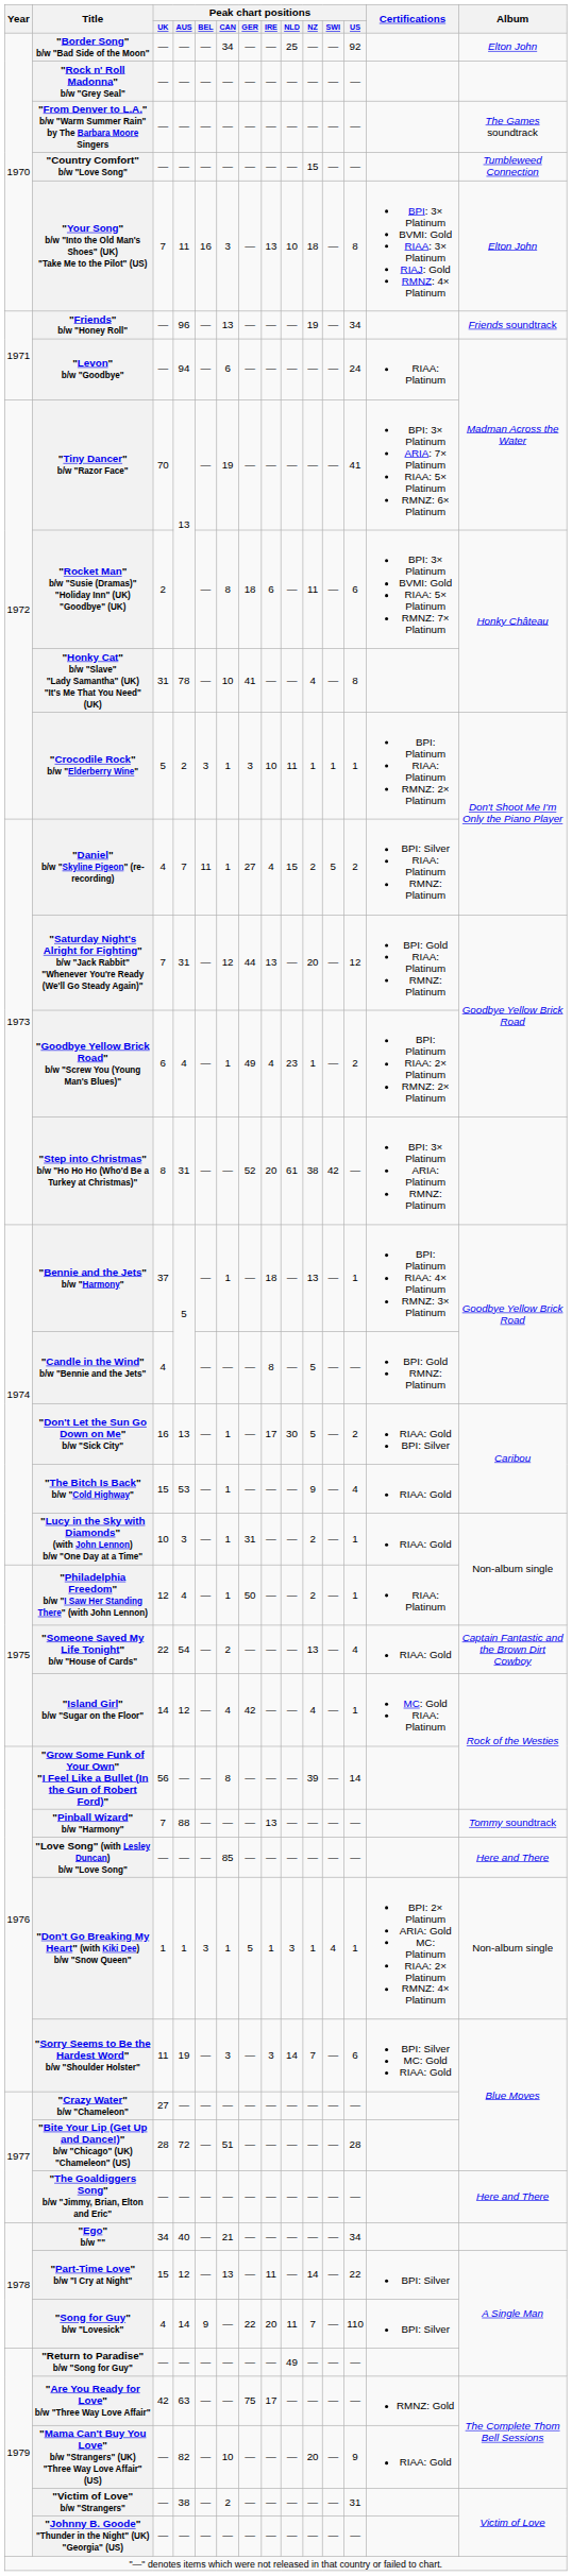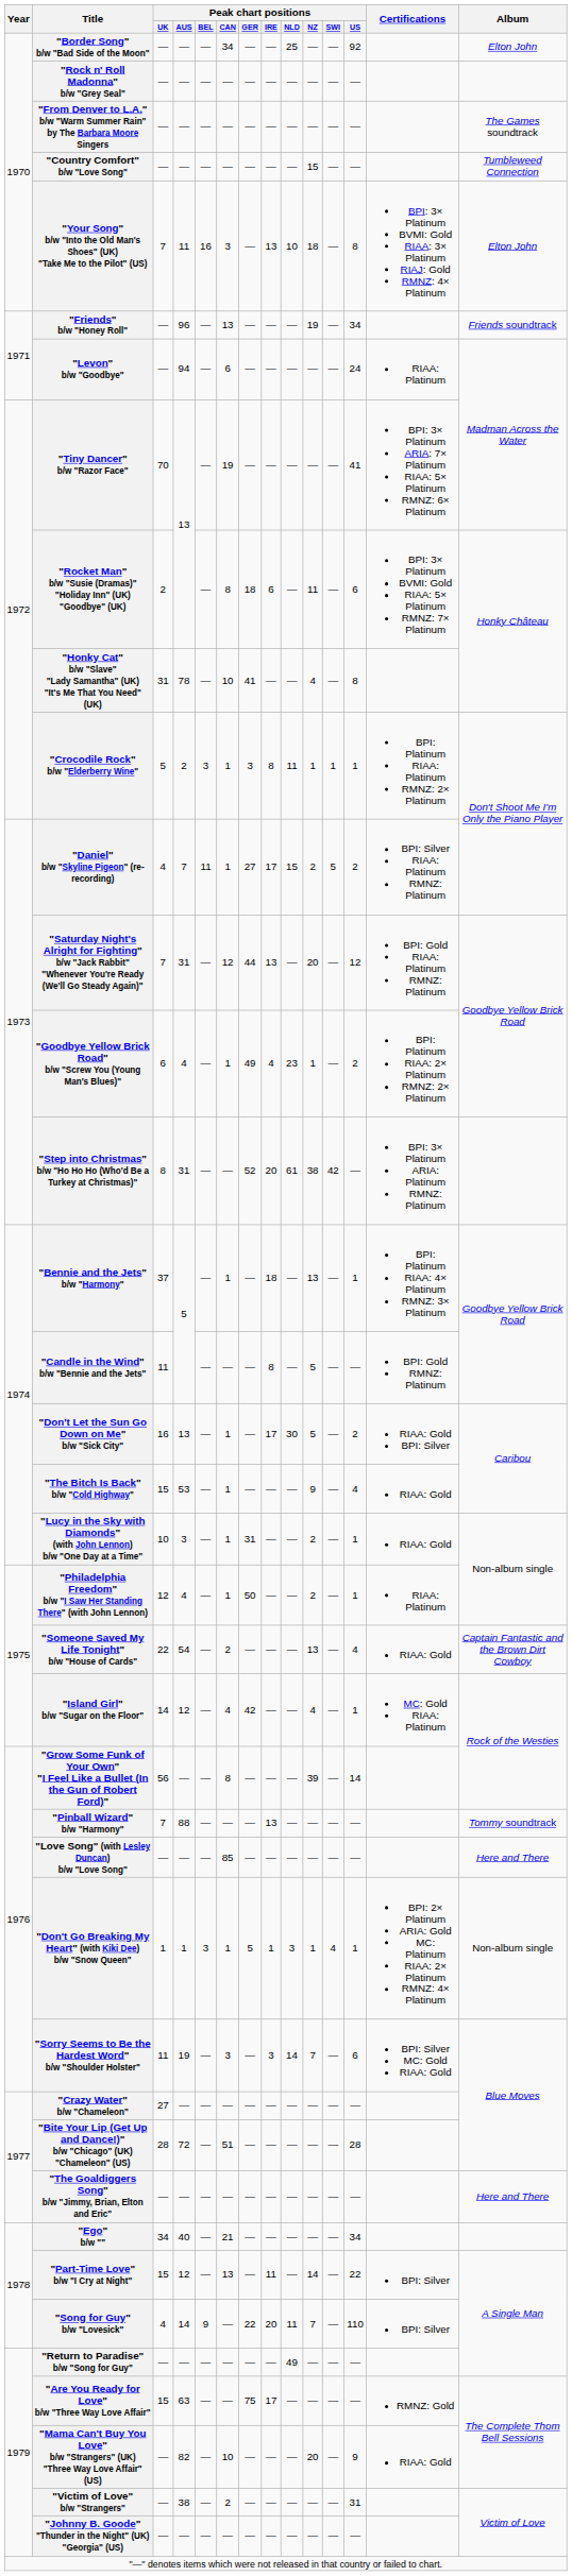 <table class="wikitable plainrowheaders" style="text-align:center;">
 <tr>
 <th scope="col" rowspan="2" style="width:1em;">Year</th>
 <th scope="col" rowspan="2" style="width:20em;">Title</th>
 <th scope="col" colspan="10">Peak chart positions</th>
 <th scope="col" rowspan="2" style="width:12em;"><a href='#'>Certifications</a></th>
 <th scope="col" rowspan="2" style="width:18em;">Album</th>
 </tr>
 <tr style="font-size:small;">
 <th scope="col" style="width:3em;font-size:90%"><a href='#'>UK</a><br></th>
 <th scope="col" style="width:3em;font-size:90%"><a href='#'>AUS</a><br></th>
 <th scope="col" style="width:3em;font-size:90%"><a href='#'>BEL</a><br></th>
 <th scope="col" style="width:3em;font-size:90%"><a href='#'>CAN</a><br></th>
 <th scope="col" style="width:3em;font-size:90%"><a href='#'>GER</a><br></th>
 <th scope="col" style="width:3em;font-size:90%"><a href='#'>IRE</a><br></th>
 <th scope="col" style="width:3em;font-size:90%"><a href='#'>NLD</a><br></th>
 <th scope="col" style="width:3em;font-size:90%"><a href='#'>NZ</a><br></th>
 <th scope="col" style="width:3em;font-size:90%"><a href='#'>SWI</a><br></th>
 <th scope="col" style="width:3em;font-size:90%"><a href='#'>US</a><br></th>
 </tr>
 <tr>
 <td rowspan="5">1970</td>
 <th scope="row">"<a href='#'>Border Song</a>"<br><small>b/w "Bad Side of the Moon"</small></th>
 <td>—</td>
 <td>—</td>
 <td>—</td>
 <td>34</td>
 <td>—</td>
 <td>—</td>
 <td>25</td>
 <td>—</td>
 <td>—</td>
 <td>92</td>
 <td></td>
 <td><em><a href='#'>Elton John</a></em></td>
 </tr>
 <tr>
 <th scope="row">"<a href='#'>Rock n' Roll Madonna</a>"<br><small>b/w "Grey Seal"</small></th>
 <td>—</td>
 <td>—</td>
 <td>—</td>
 <td>—</td>
 <td>—</td>
 <td>—</td>
 <td>—</td>
 <td>—</td>
 <td>—</td>
 <td>—</td>
 <td></td>
 <td></td>
 </tr>
 <tr>
 <th scope="row">"<a href='#'>From Denver to L.A.</a>"<br><small>b/w "Warm Summer Rain" by The <a href='#'>Barbara Moore</a> Singers</small></th>
 <td>—</td>
 <td>—</td>
 <td>—</td>
 <td>—</td>
 <td>—</td>
 <td>—</td>
 <td>—</td>
 <td>—</td>
 <td>—</td>
 <td>—</td>
 <td></td>
 <td><em><a href='#'>The Games</a></em> soundtrack</td>
 </tr>
 <tr>
 <th scope="row">"Country Comfort"<br><small>b/w "Love Song"</small></th>
 <td>—</td>
 <td>—</td>
 <td>—</td>
 <td>—</td>
 <td>—</td>
 <td>—</td>
 <td>—</td>
 <td>15</td>
 <td>—</td>
 <td>—</td>
 <td></td>
 <td><em><a href='#'>Tumbleweed Connection</a></em></td>
 </tr>
 <tr>
 <th scope="row">"<a href='#'>Your Song</a>"<br><small>b/w "Into the Old Man's Shoes" (UK)<br>"Take Me to the Pilot" (US)</small></th>
 <td>7</td>
 <td>11</td>
 <td>16</td>
 <td>3</td>
 <td>—</td>
 <td>13</td>
 <td>10</td>
 <td>18</td>
 <td>—</td>
 <td>8</td>
 <td><br><ul><li><a href='#'>BPI</a>: 3× Platinum</li><li>BVMI: Gold</li><li><a href='#'>RIAA</a>: 3× Platinum</li><li><a href='#'>RIAJ</a>: Gold</li><li><a href='#'>RMNZ</a>: 4× Platinum</li></ul></td>
 <td><em><a href='#'>Elton John</a></em></td>
 </tr>
 <tr>
 <td rowspan="2">1971</td>
 <th scope="row">"<a href='#'>Friends</a>"<br><small>b/w "Honey Roll"</small></th>
 <td>—</td>
 <td>96</td>
 <td>—</td>
 <td>13</td>
 <td>—</td>
 <td>—</td>
 <td>—</td>
 <td>19</td>
 <td>—</td>
 <td>34</td>
 <td></td>
 <td><a href='#'><em>Friends</em> soundtrack</a></td>
 </tr>
 <tr>
 <th scope="row">"<a href='#'>Levon</a>"<br><small>b/w "Goodbye"</small></th>
 <td>—</td>
 <td>94</td>
 <td>—</td>
 <td>6</td>
 <td>—</td>
 <td>—</td>
 <td>—</td>
 <td>—</td>
 <td>—</td>
 <td>24</td>
 <td><br><ul><li>RIAA: Platinum </li></ul></td>
 <td rowspan="2"><em><a href='#'>Madman Across the Water</a></em></td>
 </tr>
 <tr>
 <td rowspan="4">1972</td>
 <th scope="row">"<a href='#'>Tiny Dancer</a>"<br><small>b/w "Razor Face"</small></th>
 <td>70<br></td>
 <td rowspan="2">13<br></td>
 <td>—</td>
 <td>19</td>
 <td>—</td>
 <td>—</td>
 <td>—</td>
 <td>—</td>
 <td>—</td>
 <td>41</td>
 <td><br><ul><li>BPI: 3× Platinum</li><li><a href='#'>ARIA</a>: 7× Platinum</li><li>RIAA: 5× Platinum</li><li>RMNZ: 6× Platinum</li></ul></td>
 </tr>
 <tr>
 <th scope="row">"<a href='#'>Rocket Man</a>"<br><small>b/w "Susie (Dramas)"<br>"Holiday Inn" (UK)<br>"Goodbye" (UK)</small></th>
 <td>2</td>
 <td>—</td>
 <td>8</td>
 <td>18</td>
 <td>6</td>
 <td>—</td>
 <td>11</td>
 <td>—</td>
 <td>6</td>
 <td><br><ul><li>BPI: 3× Platinum</li><li>BVMI: Gold</li><li>RIAA: 5× Platinum</li><li>RMNZ: 7× Platinum</li></ul></td>
 <td rowspan="2"><em><a href='#'>Honky Château</a></em></td>
 </tr>
 <tr>
 <th scope="row">"<a href='#'>Honky Cat</a>"<br><small>b/w "Slave"<br>"Lady Samantha" (UK)<br>"It's Me That You Need" (UK)</small></th>
 <td>31</td>
 <td>78</td>
 <td>—</td>
 <td>10</td>
 <td>41</td>
 <td>—</td>
 <td>—</td>
 <td>4</td>
 <td>—</td>
 <td>8</td>
 <td></td>
 </tr>
 <tr>
 <th scope="row">"<a href='#'>Crocodile Rock</a>"<br><small>b/w "<a href='#'>Elderberry Wine</a>"</small></th>
 <td>5</td>
 <td>2</td>
 <td>3</td>
 <td>1</td>
 <td>3</td>
-<td>10</td>
+<td>8</td>
 <td>11</td>
 <td>1</td>
 <td>1</td>
 <td>1</td>
 <td><br><ul><li>BPI: Platinum</li><li>RIAA: Platinum</li><li>RMNZ: 2× Platinum</li></ul></td>
 <td rowspan="2"><em><a href='#'>Don't Shoot Me I'm Only the Piano Player</a></em></td>
 </tr>
 <tr>
 <td rowspan="4">1973</td>
 <th scope="row">"<a href='#'>Daniel</a>"<br><small>b/w "<a href='#'>Skyline Pigeon</a>" (re-recording)</small></th>
 <td>4</td>
 <td>7</td>
 <td>11</td>
 <td>1</td>
 <td>27</td>
-<td>4</td>
+<td>17</td>
 <td>15</td>
 <td>2</td>
 <td>5</td>
 <td>2</td>
 <td><br><ul><li>BPI: Silver</li><li>RIAA: Platinum</li><li>RMNZ: Platinum</li></ul></td>
 </tr>
 <tr>
 <th scope="row">"<a href='#'>Saturday Night's Alright for Fighting</a>"<br><small>b/w "Jack Rabbit"<br>"Whenever You're Ready (We'll Go Steady Again)"</small></th>
 <td>7</td>
 <td>31</td>
 <td>—</td>
 <td>12</td>
 <td>44</td>
 <td>13</td>
 <td>—</td>
 <td>20</td>
 <td>—</td>
 <td>12</td>
 <td><br><ul><li>BPI: Gold</li><li>RIAA: Platinum </li><li>RMNZ: Platinum</li></ul></td>
 <td rowspan="2"><em><a href='#'>Goodbye Yellow Brick Road</a></em></td>
 </tr>
 <tr>
 <th scope="row">"<a href='#'>Goodbye Yellow Brick Road</a>"<br><small>b/w "Screw You (Young Man's Blues)"</small></th>
 <td>6</td>
 <td>4</td>
 <td>—</td>
 <td>1</td>
 <td>49</td>
 <td>4</td>
 <td>23</td>
 <td>1</td>
 <td>—</td>
 <td>2</td>
 <td><br><ul><li>BPI: Platinum</li><li>RIAA: 2× Platinum</li><li>RMNZ: 2× Platinum</li></ul></td>
 </tr>
 <tr>
 <th scope="row">"<a href='#'>Step into Christmas</a>"<br><small>b/w "Ho Ho Ho (Who'd Be a Turkey at Christmas)"</small></th>
 <td>8</td>
 <td>31<br></td>
 <td>—</td>
 <td>—</td>
 <td>52</td>
 <td>20</td>
 <td>61</td>
 <td>38</td>
 <td>42</td>
 <td>—</td>
 <td><br><ul><li>BPI: 3× Platinum</li><li>ARIA: Platinum</li><li>RMNZ: Platinum</li></ul></td>
 <td></td>
 </tr>
 <tr>
 <td rowspan="5">1974</td>
 <th scope="row">"<a href='#'>Bennie and the Jets</a>"<br><small>b/w "<a href='#'>Harmony</a>"</small></th>
 <td>37</td>
 <td rowspan="2">5<br></td>
 <td>—</td>
 <td>1</td>
 <td>—</td>
 <td>18</td>
 <td>—</td>
 <td>13</td>
 <td>—</td>
 <td>1</td>
 <td><br><ul><li>BPI: Platinum</li><li>RIAA: 4× Platinum</li><li>RMNZ: 3× Platinum</li></ul></td>
 <td rowspan="2"><em><a href='#'>Goodbye Yellow Brick Road</a></em></td>
 </tr>
 <tr>
 <th scope="row">"<a href='#'>Candle in the Wind</a>"<br><small>b/w "Bennie and the Jets"</small></th>
-<td>4</td>
+<td>11</td>
 <td>—</td>
 <td>—</td>
 <td>—</td>
 <td>8</td>
 <td>—</td>
 <td>5</td>
 <td>—</td>
 <td>—</td>
 <td><br><ul><li>BPI: Gold</li><li>RMNZ: Platinum</li></ul></td>
 </tr>
 <tr>
 <th scope="row">"<a href='#'>Don't Let the Sun Go Down on Me</a>"<br><small>b/w "Sick City"</small></th>
 <td>16</td>
 <td>13</td>
 <td>—</td>
 <td>1</td>
 <td>—</td>
 <td>17</td>
 <td>30</td>
 <td>5</td>
 <td>—</td>
 <td>2</td>
 <td><br><ul><li>RIAA: Gold</li><li>BPI: Silver</li></ul></td>
 <td rowspan="2"><em><a href='#'>Caribou</a></em></td>
 </tr>
 <tr>
 <th scope="row">"<a href='#'>The Bitch Is Back</a>"<br><small>b/w "<a href='#'>Cold Highway</a>"</small></th>
 <td>15</td>
 <td>53</td>
 <td>—</td>
 <td>1</td>
 <td>—</td>
 <td>—</td>
 <td>—</td>
 <td>9</td>
 <td>—</td>
 <td>4</td>
 <td><br><ul><li>RIAA: Gold</li></ul></td>
 </tr>
 <tr>
 <th scope="row">"<a href='#'>Lucy in the Sky with Diamonds</a>"<br><small>(with <a href='#'>John Lennon</a>)<br>b/w "One Day at a Time"</small></th>
 <td>10</td>
 <td>3</td>
 <td>—</td>
 <td>1</td>
 <td>31</td>
 <td>—</td>
 <td>—</td>
 <td>2</td>
 <td>—</td>
 <td>1</td>
 <td><br><ul><li>RIAA: Gold</li></ul></td>
 <td rowspan="2">Non-album single</td>
 </tr>
 <tr>
 <td rowspan="3">1975</td>
 <th scope="row">"<a href='#'>Philadelphia Freedom</a>"<br><small>b/w "<a href='#'>I Saw Her Standing There</a>" (with John Lennon)</small></th>
 <td>12</td>
 <td>4</td>
 <td>—</td>
 <td>1</td>
 <td>50</td>
 <td>—</td>
 <td>—</td>
 <td>2</td>
 <td>—</td>
 <td>1</td>
 <td><br><ul><li>RIAA: Platinum</li></ul></td>
 </tr>
 <tr>
 <th scope="row">"<a href='#'>Someone Saved My Life Tonight</a>"<br><small>b/w "House of Cards"</small></th>
 <td>22</td>
 <td>54</td>
 <td>—</td>
 <td>2</td>
 <td>—</td>
 <td>—</td>
 <td>—</td>
 <td>13</td>
 <td>—</td>
 <td>4</td>
 <td><br><ul><li>RIAA: Gold</li></ul></td>
 <td><em><a href='#'>Captain Fantastic and the Brown Dirt Cowboy</a></em></td>
 </tr>
 <tr>
 <th scope="row">"<a href='#'>Island Girl</a>"<br><small>b/w "Sugar on the Floor"</small></th>
 <td>14</td>
 <td>12</td>
 <td>—</td>
 <td>4</td>
 <td>42</td>
 <td>—</td>
 <td>—</td>
 <td>4</td>
 <td>—</td>
 <td>1</td>
 <td><br><ul><li><a href='#'>MC</a>: Gold</li><li>RIAA: Platinum</li></ul></td>
 <td rowspan="2"><em><a href='#'>Rock of the Westies</a></em></td>
 </tr>
 <tr>
 <td rowspan="5">1976</td>
 <th scope="row">"<a href='#'>Grow Some Funk of Your Own</a>"<br>"<a href='#'>I Feel Like a Bullet (In the Gun of Robert Ford)</a>"</th>
 <td>56</td>
 <td>—</td>
 <td>—</td>
 <td>8</td>
 <td>—</td>
 <td>—</td>
 <td>—</td>
 <td>39</td>
 <td>—</td>
 <td>14</td>
 <td></td>
 </tr>
 <tr>
 <th scope="row">"<a href='#'>Pinball Wizard</a>"<br><small>b/w "Harmony"</small></th>
 <td>7</td>
 <td>88</td>
 <td>—</td>
 <td>—</td>
 <td>—</td>
 <td>13</td>
 <td>—</td>
 <td>—</td>
 <td>—</td>
 <td>—</td>
 <td></td>
 <td><a href='#'><em>Tommy</em> soundtrack</a></td>
 </tr>
 <tr>
 <th scope="row">"Love Song"<small> (with <a href='#'>Lesley Duncan</a>)<br>b/w "Love Song"</small></th>
 <td>—</td>
 <td>—</td>
 <td>—</td>
 <td>85</td>
 <td>—</td>
 <td>—</td>
 <td>—</td>
 <td>—</td>
 <td>—</td>
 <td>—</td>
 <td></td>
 <td><em><a href='#'>Here and There</a></em></td>
 </tr>
 <tr>
 <th scope="row">"<a href='#'>Don't Go Breaking My Heart</a>"<small> (with <a href='#'>Kiki Dee</a>)<br>b/w "Snow Queen"</small></th>
 <td>1</td>
 <td>1</td>
 <td>3</td>
 <td>1</td>
 <td>5</td>
 <td>1</td>
 <td>3</td>
 <td>1</td>
 <td>4</td>
 <td>1</td>
 <td><br><ul><li>BPI: 2× Platinum</li><li>ARIA: Gold</li><li>MC: Platinum</li><li>RIAA: 2× Platinum</li><li>RMNZ: 4× Platinum</li></ul></td>
 <td>Non-album single</td>
 </tr>
 <tr>
 <th scope="row">"<a href='#'>Sorry Seems to Be the Hardest Word</a>"<br><small>b/w "Shoulder Holster"</small></th>
 <td>11</td>
 <td>19</td>
 <td>—</td>
 <td>3</td>
 <td>—</td>
 <td>3</td>
 <td>14</td>
 <td>7</td>
 <td>—</td>
 <td>6</td>
 <td><br><ul><li>BPI: Silver</li><li>MC: Gold</li><li>RIAA: Gold</li></ul></td>
 <td rowspan="3"><em><a href='#'>Blue Moves</a></em></td>
 </tr>
 <tr>
 <td rowspan="3">1977</td>
 <th scope="row">"<a href='#'>Crazy Water</a>"<br><small>b/w "Chameleon"</small></th>
 <td>27</td>
 <td>—</td>
 <td>—</td>
 <td>—</td>
 <td>—</td>
 <td>—</td>
 <td>—</td>
 <td>—</td>
 <td>—</td>
 <td>—</td>
 <td></td>
 </tr>
 <tr>
 <th scope="row">"<a href='#'>Bite Your Lip (Get Up and Dance!)</a>"<br><small>b/w "Chicago" (UK)<br>"Chameleon" (US)</small></th>
 <td>28</td>
 <td>72</td>
 <td>—</td>
 <td>51</td>
 <td>—</td>
 <td>—</td>
 <td>—</td>
 <td>—</td>
 <td>—</td>
 <td>28</td>
 <td></td>
 </tr>
 <tr>
 <th scope="row">"<a href='#'>The Goaldiggers Song</a>"<br><small>b/w "Jimmy, Brian, Elton and Eric"</small></th>
 <td>—</td>
 <td>—</td>
 <td>—</td>
 <td>—</td>
 <td>—</td>
 <td>—</td>
 <td>—</td>
 <td>—</td>
 <td>—</td>
 <td>—</td>
 <td></td>
 <td><em><a href='#'>Here and There</a></em></td>
 </tr>
 <tr>
 <td rowspan="3">1978</td>
 <th scope="row">"<a href='#'>Ego</a>"<br><small>b/w ""</small></th>
 <td>34</td>
 <td>40</td>
 <td>—</td>
 <td>21</td>
 <td>—</td>
 <td>—</td>
 <td>—</td>
 <td>—</td>
 <td>—</td>
 <td>34</td>
 <td></td>
 </tr>
 <tr>
 <th scope="row">"<a href='#'>Part-Time Love</a>"<br><small>b/w "I Cry at Night"</small></th>
 <td>15</td>
 <td>12</td>
 <td>—</td>
 <td>13</td>
 <td>—</td>
 <td>11</td>
 <td>—</td>
 <td>14</td>
 <td>—</td>
 <td>22</td>
 <td><br><ul><li>BPI: Silver</li></ul></td>
 <td rowspan="3"><em><a href='#'>A Single Man</a></em></td>
 </tr>
 <tr>
 <th scope="row">"<a href='#'>Song for Guy</a>"<br><small>b/w "Lovesick"</small></th>
 <td>4</td>
 <td>14</td>
 <td>9</td>
 <td>—</td>
 <td>22</td>
 <td>20</td>
 <td>11</td>
 <td>7</td>
 <td>—</td>
 <td>110</td>
 <td><br><ul><li>BPI: Silver</li></ul></td>
 </tr>
 <tr>
 <td rowspan="5">1979</td>
 <th scope="row">"Return to Paradise"<br><small>b/w "Song for Guy"</small></th>
 <td>—</td>
 <td>—</td>
 <td>—</td>
 <td>—</td>
 <td>—</td>
 <td>—</td>
 <td>49</td>
 <td>—</td>
 <td>—</td>
 <td>—</td>
 <td></td>
 </tr>
 <tr>
 <th scope="row">"<a href='#'>Are You Ready for Love</a>"<br><small>b/w "Three Way Love Affair"</small></th>
-<td>42</td>
+<td>15</td>
 <td>63</td>
 <td>—</td>
 <td>—</td>
 <td>75</td>
 <td>17</td>
 <td>—</td>
 <td>—</td>
 <td>—</td>
 <td>—</td>
 <td><br><ul><li>RMNZ: Gold</li></ul></td>
 <td rowspan="2"><em><a href='#'>The Complete Thom Bell Sessions</a></em></td>
 </tr>
 <tr>
 <th scope="row">"<a href='#'>Mama Can't Buy You Love</a>"<br><small>b/w "Strangers" (UK)<br>"Three Way Love Affair" (US)</small></th>
 <td>—</td>
 <td>82</td>
 <td>—</td>
 <td>10</td>
 <td>—</td>
 <td>—</td>
 <td>—</td>
 <td>20</td>
 <td>—</td>
 <td>9</td>
 <td><br><ul><li>RIAA: Gold</li></ul></td>
 </tr>
 <tr>
 <th scope="row">"Victim of Love"<br><small>b/w "Strangers"</small></th>
 <td>—</td>
 <td>38</td>
 <td>—</td>
 <td>2</td>
 <td>—</td>
 <td>—</td>
 <td>—</td>
 <td>—</td>
 <td>—</td>
 <td>31</td>
 <td></td>
 <td rowspan="2"><em><a href='#'>Victim of Love</a></em></td>
 </tr>
 <tr>
 <th scope="row">"<a href='#'>Johnny B. Goode</a>"<br><small>"Thunder in the Night" (UK)<br>"Georgia" (US)</small></th>
 <td>—</td>
 <td>—</td>
 <td>—</td>
 <td>—</td>
 <td>—</td>
 <td>—</td>
 <td>—</td>
 <td>—</td>
 <td>—</td>
 <td>—</td>
 <td></td>
 </tr>
 <tr>
 <td colspan="16"  style="text-align:center; font-size:90%;">"—" denotes items which were not released in that country or failed to chart.</td>
 </tr>
 </table>
